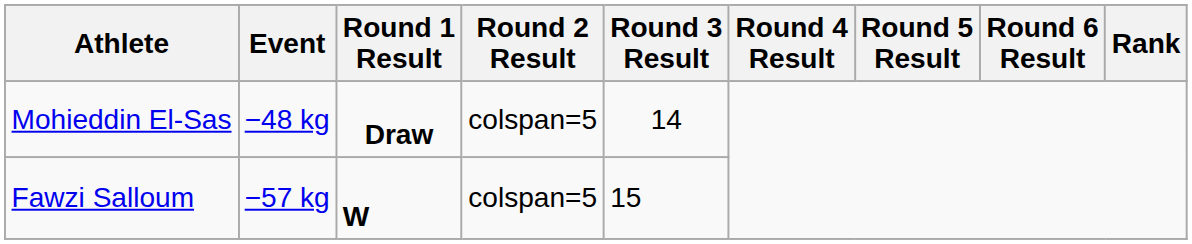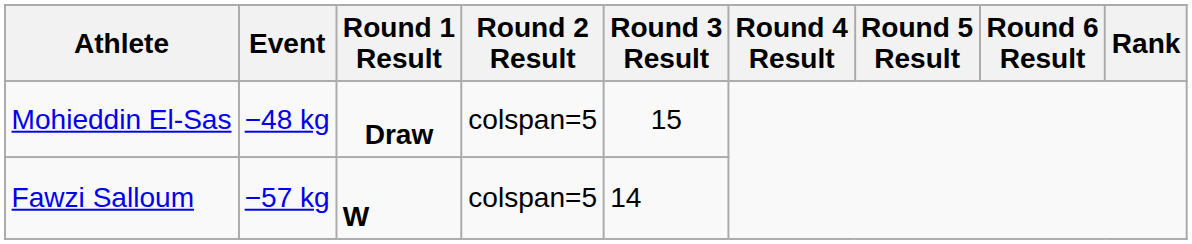 <table class="wikitable" style="font-size:90%">
 <tr>
 <th>Athlete</th>
 <th>Event</th>
 <th>Round 1<br>Result</th>
 <th>Round 2<br>Result</th>
 <th>Round 3<br>Result</th>
 <th>Round 4<br>Result</th>
 <th>Round 5<br>Result</th>
 <th>Round 6<br>Result</th>
 <th>Rank</th>
 </tr>
 <tr align=center>
 <td align=left><a href='#'>Mohieddin El-Sas</a></td>
 <td align=left><a href='#'>−48 kg</a></td>
 <td><br><strong>Draw</strong></td>
 <td>colspan=5 </td>
-<td>14</td>
+<td>15</td>
 </tr>
 <tr>
 <td align=left><a href='#'>Fawzi Salloum</a></td>
 <td align=left><a href='#'>−57 kg</a></td>
 <td><br><strong>W</strong> <sup></sup></td>
 <td>colspan=5 </td>
-<td>15</td>
+<td>14</td>
 </tr>
 </table>
